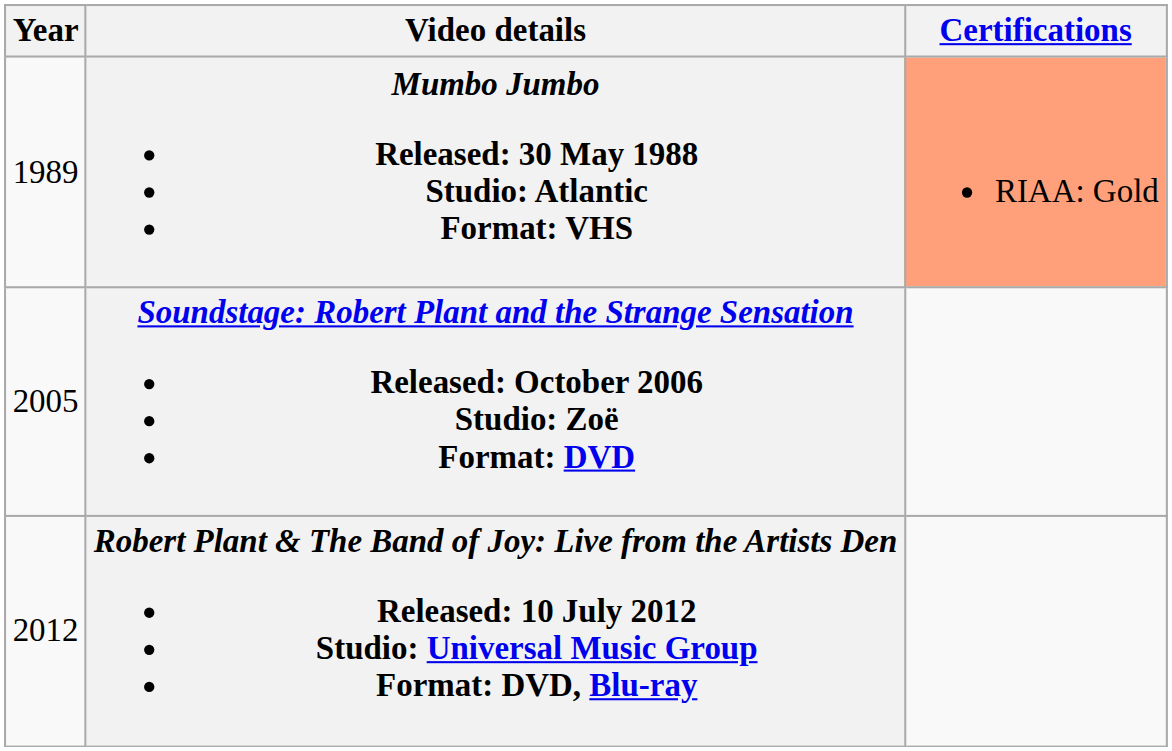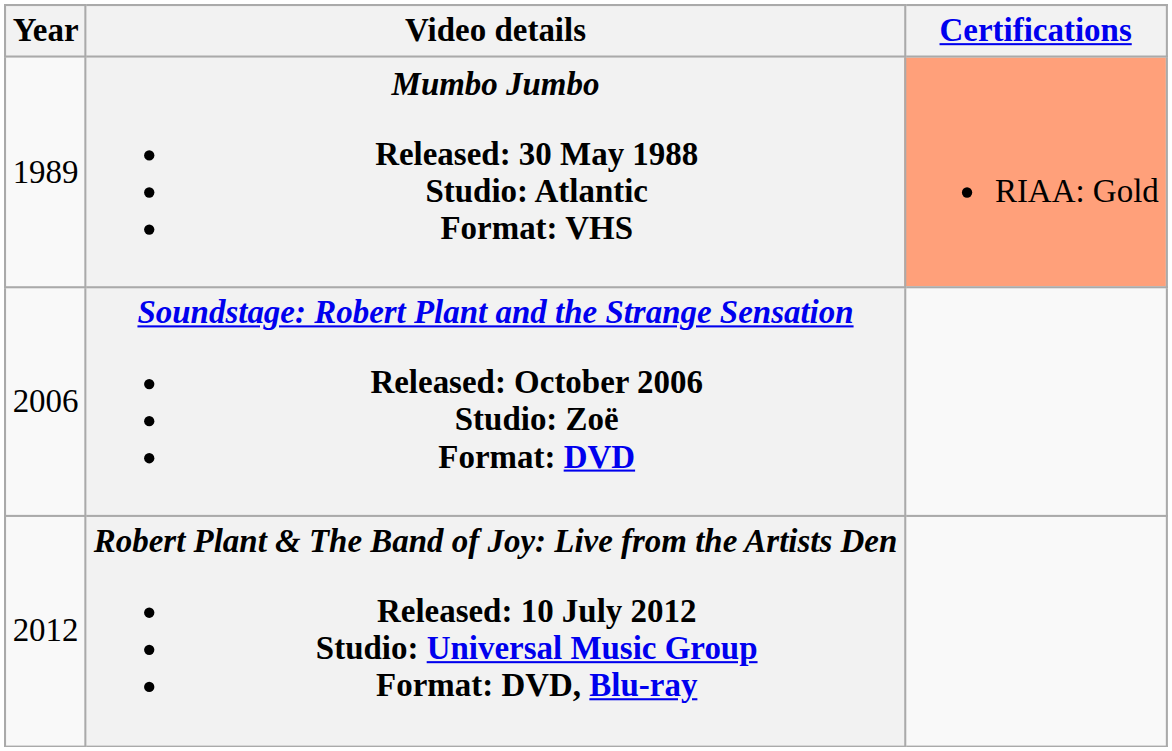 <table class="wikitable plainrowheaders" style="text-align:center">
 <tr>
 <th scope="col">Year</th>
 <th scope="col">Video details</th>
 <th scope="col"><a href='#'>Certifications</a></th>
 </tr>
 <tr>
 <td>1989</td>
 <th scope="row"><em>Mumbo Jumbo</em><br><ul><li>Released: 30 May 1988</li><li>Studio: Atlantic</li><li>Format: VHS</li></ul></th>
 <td style="background: lightsalmon;"><br><ul><li>RIAA: Gold</li></ul></td>
 </tr>
 <tr>
-<td>2005</td>
+<td>2006</td>
 <th scope="row"><em><a href='#'>Soundstage: Robert Plant and the Strange Sensation</a></em><br><ul><li>Released: October 2006</li><li>Studio: Zoë</li><li>Format: <a href='#'>DVD</a></li></ul></th>
 <td></td>
 </tr>
 <tr>
 <td>2012</td>
 <th scope="row"><em>Robert Plant & The Band of Joy: Live from the Artists Den</em><br><ul><li>Released: 10 July 2012</li><li>Studio: <a href='#'>Universal Music Group</a></li><li>Format: DVD, <a href='#'>Blu-ray</a></li></ul></th>
 <td></td>
 </tr>
 </table>
